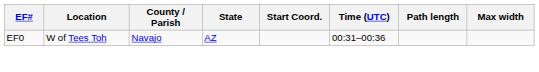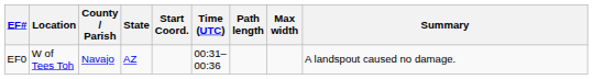 <table class="wikitable sortable" style="width:100%;">
 <tr>
 <th scope="col"  style="width:3%; text-align:center;"><a href='#'>EF#</a></th>
 <th scope="col"  style="width:7%; text-align:center;" class="unsortable">Location</th>
 <th scope="col"  style="width:6%; text-align:center;" class="unsortable">County / Parish</th>
 <th scope="col"  style="width:5%; text-align:center;">State</th>
 <th scope="col"  style="width:6%; text-align:center;">Start Coord.</th>
 <th scope="col"  style="width:6%; text-align:center;">Time (<a href='#'>UTC</a>)</th>
 <th scope="col"  style="width:6%; text-align:center;">Path length</th>
 <th scope="col"  style="width:6%; text-align:center;">Max width</th>
+<th scope="col" class="unsortable" style="width:48%; text-align:center;">Summary</th>
 </tr>
 <tr>
 <td>EF0</td>
 <td>W of <a href='#'>Tees Toh</a></td>
 <td><a href='#'>Navajo</a></td>
 <td><a href='#'>AZ</a></td>
 <td></td>
 <td>00:31–00:36</td>
 <td></td>
 <td></td>
+<td>A landspout caused no damage.</td>
 </tr>
 </table>
